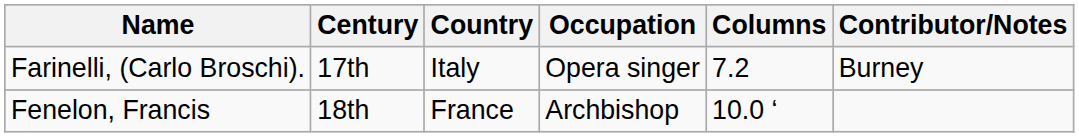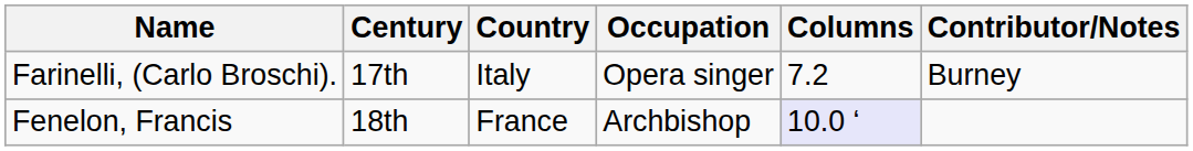 <table class="wikitable">
 <tr>
 <th>Name</th>
 <th>Century</th>
 <th>Country</th>
 <th>Occupation</th>
 <th>Columns</th>
 <th>Contributor/Notes</th>
 </tr>
 <tr>
 <td>Farinelli, (Carlo Broschi).</td>
 <td>17th</td>
 <td>Italy</td>
 <td>Opera singer</td>
 <td>7.2</td>
 <td>Burney</td>
 </tr>
 <tr>
 <td>Fenelon, Francis</td>
 <td>18th</td>
 <td>France</td>
 <td>Archbishop</td>
-<td>10.0	‘</td>
+<td style="background: lavender;">10.0	‘</td>
 </tr>
 </table>
